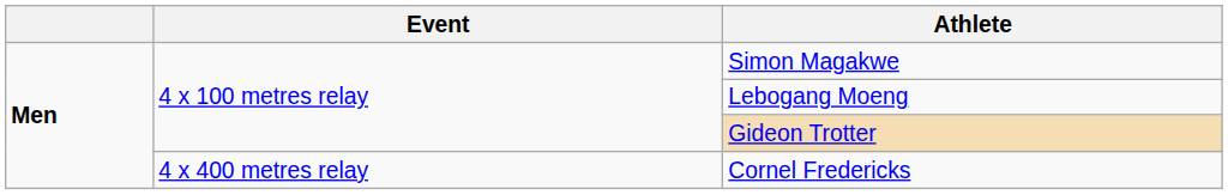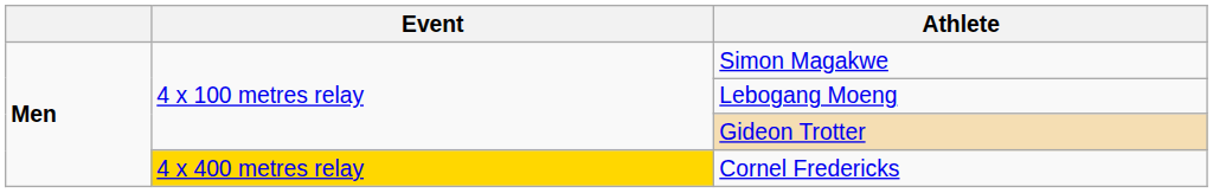 <table class=wikitable style="font-size:90%" width=60%>
 <tr>
 <th></th>
 <th>Event</th>
 <th>Athlete</th>
 </tr>
 <tr>
 <td rowspan=4><strong>Men</strong></td>
 <td rowspan=3><a href='#'>4 x 100 metres relay</a></td>
 <td><a href='#'>Simon Magakwe</a></td>
 </tr>
 <tr>
 <td><a href='#'>Lebogang Moeng</a></td>
 </tr>
 <tr>
 <td bgcolor="wheat"><a href='#'>Gideon Trotter</a></td>
 </tr>
 <tr>
-<td><a href='#'>4 x 400 metres relay</a></td>
+<td style="background: gold;"><a href='#'>4 x 400 metres relay</a></td>
 <td><a href='#'>Cornel Fredericks</a></td>
 </tr>
 </table>
